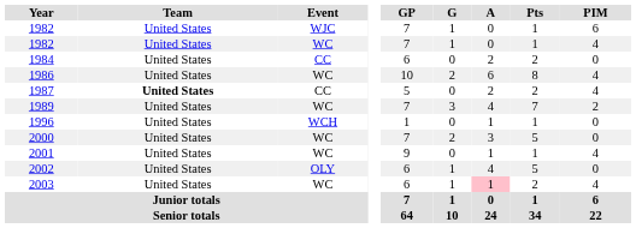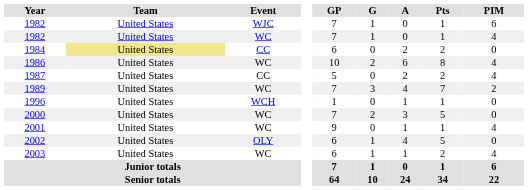 <table border="0" cellpadding="1" cellspacing="0" style="text-align:center; width:50em">
 <tr ALIGN="center" bgcolor="#e0e0e0">
 <th>Year</th>
 <th>Team</th>
 <th>Event</th>
 <th rowspan="99" bgcolor="#ffffff"> </th>
 <th>GP</th>
 <th>G</th>
 <th>A</th>
 <th>Pts</th>
 <th>PIM</th>
 </tr>
 <tr>
 <td><a href='#'>1982</a></td>
 <td><a href='#'>United States</a></td>
 <td><a href='#'>WJC</a></td>
 <td>7</td>
 <td>1</td>
 <td>0</td>
 <td>1</td>
 <td>6</td>
 </tr>
 <tr bgcolor="#f0f0f0">
 <td><a href='#'>1982</a></td>
 <td><a href='#'>United States</a></td>
 <td><a href='#'>WC</a></td>
 <td>7</td>
 <td>1</td>
 <td>0</td>
 <td>1</td>
 <td>4</td>
 </tr>
 <tr>
 <td><a href='#'>1984</a></td>
-<td>United States</td>
+<td style="background: khaki;">United States</td>
 <td><a href='#'>CC</a></td>
 <td>6</td>
 <td>0</td>
 <td>2</td>
 <td>2</td>
 <td>0</td>
 </tr>
 <tr bgcolor="#f0f0f0">
 <td><a href='#'>1986</a></td>
 <td>United States</td>
 <td>WC</td>
 <td>10</td>
 <td>2</td>
 <td>6</td>
 <td>8</td>
 <td>4</td>
 </tr>
 <tr>
 <td><a href='#'>1987</a></td>
-<td><strong>United States</strong></td>
+<td>United States</td>
 <td>CC</td>
 <td>5</td>
 <td>0</td>
 <td>2</td>
 <td>2</td>
 <td>4</td>
 </tr>
 <tr bgcolor="#f0f0f0">
 <td><a href='#'>1989</a></td>
 <td>United States</td>
 <td>WC</td>
 <td>7</td>
 <td>3</td>
 <td>4</td>
 <td>7</td>
 <td>2</td>
 </tr>
 <tr>
 <td><a href='#'>1996</a></td>
 <td>United States</td>
 <td><a href='#'>WCH</a></td>
 <td>1</td>
 <td>0</td>
 <td>1</td>
 <td>1</td>
 <td>0</td>
 </tr>
 <tr bgcolor="#f0f0f0">
 <td><a href='#'>2000</a></td>
 <td>United States</td>
 <td>WC</td>
 <td>7</td>
 <td>2</td>
 <td>3</td>
 <td>5</td>
 <td>0</td>
 </tr>
 <tr>
 <td><a href='#'>2001</a></td>
 <td>United States</td>
 <td>WC</td>
 <td>9</td>
 <td>0</td>
 <td>1</td>
 <td>1</td>
 <td>4</td>
 </tr>
 <tr bgcolor="#f0f0f0">
 <td><a href='#'>2002</a></td>
 <td>United States</td>
 <td><a href='#'>OLY</a></td>
 <td>6</td>
 <td>1</td>
 <td>4</td>
 <td>5</td>
 <td>0</td>
 </tr>
 <tr>
 <td><a href='#'>2003</a></td>
 <td>United States</td>
 <td>WC</td>
 <td>6</td>
 <td>1</td>
-<td style="background: pink;">1</td>
+<td>1</td>
 <td>2</td>
 <td>4</td>
 </tr>
 <tr bgcolor="#e0e0e0">
 <th colspan=3>Junior totals</th>
 <th>7</th>
 <th>1</th>
 <th>0</th>
 <th>1</th>
 <th>6</th>
 </tr>
 <tr bgcolor="#e0e0e0">
 <th colspan=3>Senior totals</th>
 <th>64</th>
 <th>10</th>
 <th>24</th>
 <th>34</th>
 <th>22</th>
 </tr>
 </table>
